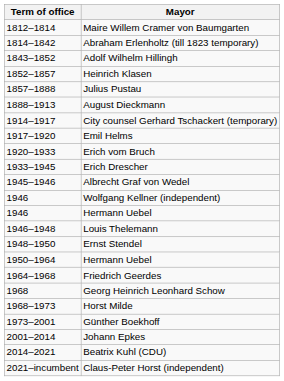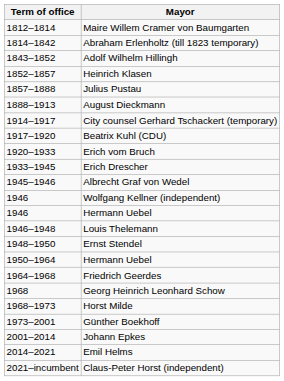 <table class="wikitable">
 <tr class="hintergrundfarbe5">
 <th>Term of office</th>
 <th>Mayor</th>
 </tr>
 <tr>
 <td>1812–1814</td>
 <td>Maire Willem Cramer von Baumgarten</td>
 </tr>
 <tr>
 <td>1814–1842</td>
 <td>Abraham Erlenholtz (till 1823 temporary)</td>
 </tr>
 <tr>
 <td>1843–1852</td>
 <td>Adolf Wilhelm Hillingh</td>
 </tr>
 <tr>
 <td>1852–1857</td>
 <td>Heinrich Klasen</td>
 </tr>
 <tr>
 <td>1857–1888</td>
 <td>Julius Pustau</td>
 </tr>
 <tr>
 <td>1888–1913</td>
 <td>August Dieckmann</td>
 </tr>
 <tr>
 <td>1914–1917</td>
 <td>City counsel Gerhard Tschackert (temporary)</td>
 </tr>
 <tr>
 <td>1917–1920</td>
-<td>Emil Helms</td>
+<td>Beatrix Kuhl (CDU)</td>
 </tr>
 <tr>
 <td>1920–1933</td>
 <td>Erich vom Bruch</td>
 </tr>
 <tr>
 <td>1933–1945</td>
 <td>Erich Drescher</td>
 </tr>
 <tr>
 <td>1945–1946</td>
 <td>Albrecht Graf von Wedel</td>
 </tr>
 <tr>
 <td>1946</td>
 <td>Wolfgang Kellner (independent)</td>
 </tr>
 <tr>
 <td>1946</td>
 <td>Hermann Uebel</td>
 </tr>
 <tr>
 <td>1946–1948</td>
 <td>Louis Thelemann</td>
 </tr>
 <tr>
 <td>1948–1950</td>
 <td>Ernst Stendel</td>
 </tr>
 <tr>
 <td>1950–1964</td>
 <td>Hermann Uebel</td>
 </tr>
 <tr>
 <td>1964–1968</td>
 <td>Friedrich Geerdes</td>
 </tr>
 <tr>
 <td>1968</td>
 <td>Georg Heinrich Leonhard Schow</td>
 </tr>
 <tr>
 <td>1968–1973</td>
 <td>Horst Milde</td>
 </tr>
 <tr>
 <td>1973–2001</td>
 <td>Günther Boekhoff</td>
 </tr>
 <tr>
 <td>2001–2014</td>
 <td>Johann Epkes</td>
 </tr>
 <tr>
 <td>2014–2021</td>
-<td>Beatrix Kuhl (CDU)</td>
+<td>Emil Helms</td>
 </tr>
 <tr>
 <td>2021–incumbent</td>
 <td>Claus-Peter Horst (independent)</td>
 </tr>
 </table>
